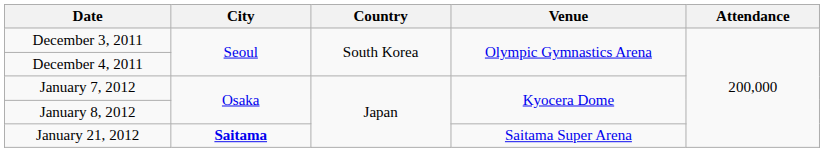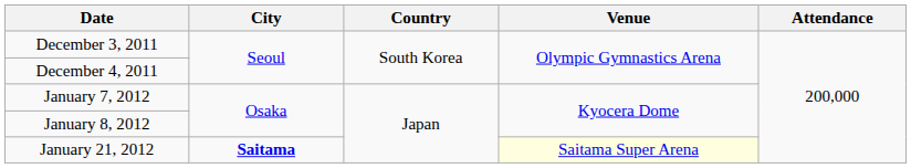 <table class="wikitable" style="text-align:center;">
 <tr>
 <th width="180">Date</th>
 <th width="150">City</th>
 <th width="150">Country</th>
 <th width="260">Venue</th>
 <th width="140">Attendance</th>
 </tr>
 <tr>
 <td>December 3, 2011</td>
 <td rowspan=2><a href='#'>Seoul</a></td>
 <td rowspan=2>South Korea</td>
 <td rowspan=2><a href='#'>Olympic Gymnastics Arena</a></td>
 <td rowspan=5>200,000</td>
 </tr>
 <tr>
 <td>December 4, 2011</td>
 </tr>
 <tr>
 <td>January 7, 2012</td>
 <td rowspan=2><a href='#'>Osaka</a></td>
 <td rowspan=3>Japan</td>
 <td rowspan=2><a href='#'>Kyocera Dome</a></td>
 </tr>
 <tr>
 <td>January 8, 2012</td>
 </tr>
 <tr>
 <td>January 21, 2012</td>
 <td><strong><a href='#'>Saitama</a></strong></td>
-<td><a href='#'>Saitama Super Arena</a></td>
+<td style="background: lightyellow;"><a href='#'>Saitama Super Arena</a></td>
 </tr>
 </table>
